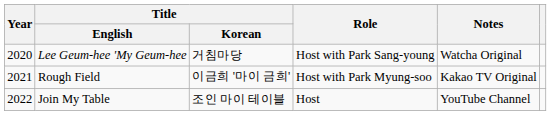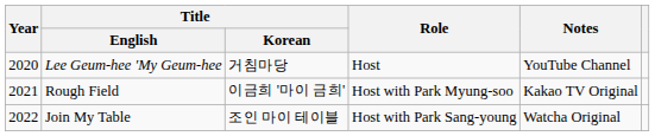 <table class="wikitable sortable plainrowheaders">
 <tr>
 <th rowspan="2">Year</th>
 <th colspan="2">Title</th>
 <th rowspan="2">Role</th>
 <th rowspan="2">Notes</th>
 <th rowspan="2"></th>
 </tr>
 <tr>
 <th scope="col">English</th>
 <th scope="col">Korean</th>
 </tr>
 <tr>
 <td>2020</td>
 <td><em>Lee Geum-hee 'My Geum-hee<strong></td>
 <td>거침마당</td>
-<td>Host with Park Sang-young</td>
-<td>Watcha Original</td>
+<td>Host</td>
+<td>YouTube Channel</td>
 <td></td>
 </tr>
 <tr>
 <td>2021</td>
 <td></em>Rough Field<em></td>
 <td>이금희 '마이 금희'</td>
 <td>Host with Park Myung-soo</td>
 <td>Kakao TV Original</td>
 <td></td>
 </tr>
 <tr>
 <td>2022</td>
 <td></em>Join My Table<em></td>
 <td>조인 마이 테이블</td>
-<td>Host</td>
-<td>YouTube Channel</td>
+<td>Host with Park Sang-young</td>
+<td>Watcha Original</td>
 <td></td>
 </tr>
 </table>
